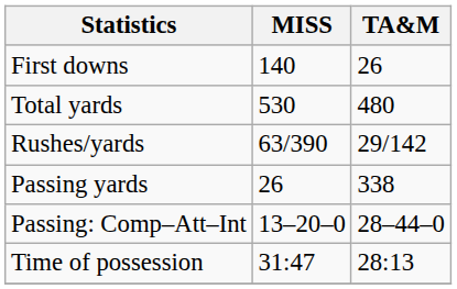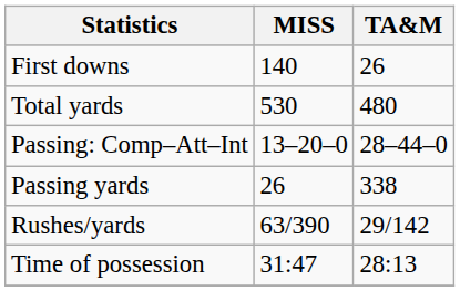 <table class="wikitable" style="float: left;">
 <tr>
 <th>Statistics</th>
 <th>MISS</th>
 <th>TA&M</th>
 </tr>
 <tr>
 <td>First downs</td>
 <td>140</td>
 <td>26</td>
 </tr>
 <tr>
 <td>Total yards</td>
 <td>530</td>
 <td>480</td>
 </tr>
 <tr>
-<td>Rushes/yards</td>
-<td>63/390</td>
-<td>29/142</td>
+<td>Passing: Comp–Att–Int</td>
+<td>13–20–0</td>
+<td>28–44–0</td>
 </tr>
 <tr>
 <td>Passing yards</td>
 <td>26</td>
 <td>338</td>
 </tr>
 <tr>
-<td>Passing: Comp–Att–Int</td>
-<td>13–20–0</td>
-<td>28–44–0</td>
+<td>Rushes/yards</td>
+<td>63/390</td>
+<td>29/142</td>
 </tr>
 <tr>
 <td>Time of possession</td>
 <td>31:47</td>
 <td>28:13</td>
 </tr>
 <tr>
 </tr>
 </table>
